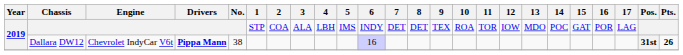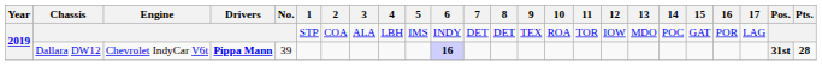 <table class="wikitable" style="text-align:center; font-size:85%">
 <tr>
 <th>Year</th>
 <th style="white-spaaace: nowrap;">Chassis</th>
 <th style="white-spaaace: nowrap;">Engine</th>
 <th style="white-spaaace: nowrap;">Drivers</th>
 <th>No.</th>
 <th>1</th>
 <th>2</th>
 <th>3</th>
 <th>4</th>
 <th>5</th>
 <th>6</th>
 <th>7</th>
 <th>8</th>
 <th>9</th>
 <th>10</th>
 <th>11</th>
 <th>12</th>
 <th>13</th>
 <th>14</th>
 <th>15</th>
 <th>16</th>
 <th>17</th>
 <th>Pos.</th>
 <th>Pts.</th>
 </tr>
 <tr>
 <th rowspan=2><a href='#'>2019</a></th>
 <th colspan=4></th>
 <td><a href='#'>STP</a></td>
 <td><a href='#'>COA</a></td>
 <td><a href='#'>ALA</a></td>
 <td><a href='#'>LBH</a></td>
 <td><a href='#'>IMS</a></td>
 <td><a href='#'>INDY</a></td>
 <td><a href='#'>DET</a></td>
 <td><a href='#'>DET</a></td>
 <td><a href='#'>TEX</a></td>
 <td><a href='#'>ROA</a></td>
 <td><a href='#'>TOR</a></td>
 <td><a href='#'>IOW</a></td>
 <td><a href='#'>MDO</a></td>
 <td><a href='#'>POC</a></td>
 <td><a href='#'>GAT</a></td>
 <td><a href='#'>POR</a></td>
 <td><a href='#'>LAG</a></td>
 <th colspan=4></th>
 </tr>
 <tr>
 <td><a href='#'>Dallara</a> <a href='#'>DW12</a></td>
 <td><a href='#'>Chevrolet</a> IndyCar <a href='#'>V6</a><a href='#'>t</a></td>
 <td align="left"><strong> <a href='#'>Pippa Mann</a></strong></td>
-<td>38</td>
+<td>39</td>
 <td></td>
 <td></td>
 <td></td>
 <td></td>
 <td></td>
-<td style="background:#CFCFFF;">16</td>
+<td style="background:#CFCFFF;"><strong>16</strong></td>
 <td></td>
 <td></td>
 <td></td>
 <td></td>
 <td></td>
 <td></td>
 <td></td>
 <td></td>
 <td></td>
 <td></td>
 <td></td>
 <th>31st</th>
-<td><strong>26</strong></td>
+<td><strong>28</strong></td>
 </tr>
 <tr>
 </tr>
 </table>
